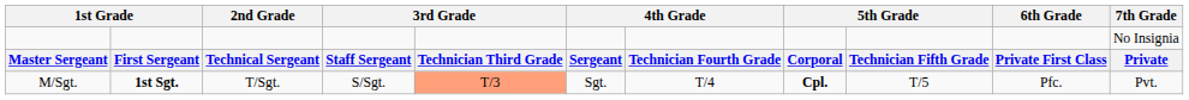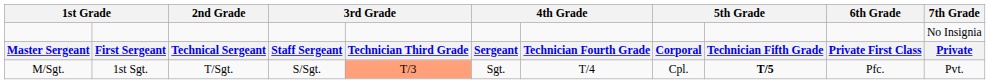 <table class="wikitable" style="text-align:center">
 <tr>
 <th colspan=2>1st Grade</th>
 <th colspan=1>2nd Grade</th>
 <th colspan=2>3rd Grade</th>
 <th colspan=2>4th Grade</th>
 <th colspan=2>5th Grade</th>
 <th colspan=1>6th Grade</th>
 <th>7th Grade</th>
 </tr>
 <tr>
 <td></td>
 <td></td>
 <td></td>
 <td></td>
 <td></td>
 <td></td>
 <td></td>
 <td></td>
 <td></td>
 <td></td>
 <td>No Insignia</td>
 </tr>
 <tr>
 <th><a href='#'>Master Sergeant</a></th>
 <th><a href='#'>First Sergeant</a></th>
 <th><a href='#'>Technical Sergeant</a></th>
 <th><a href='#'>Staff Sergeant</a></th>
 <th><a href='#'>Technician Third Grade</a></th>
 <th><a href='#'>Sergeant</a></th>
 <th><a href='#'>Technician Fourth Grade</a></th>
 <th><a href='#'>Corporal</a></th>
 <th><a href='#'>Technician Fifth Grade</a></th>
 <th><a href='#'>Private First Class</a></th>
 <th><a href='#'>Private</a></th>
 </tr>
 <tr>
 <td>M/Sgt.</td>
-<td><strong>1st Sgt.</strong></td>
+<td>1st Sgt.</td>
 <td>T/Sgt.</td>
 <td>S/Sgt.</td>
 <td style="background: lightsalmon;">T/3</td>
 <td>Sgt.</td>
 <td>T/4</td>
-<td><strong>Cpl.</strong></td>
-<td>T/5</td>
+<td>Cpl.</td>
+<td><strong>T/5</strong></td>
 <td>Pfc.</td>
 <td>Pvt.</td>
 </tr>
 </table>
